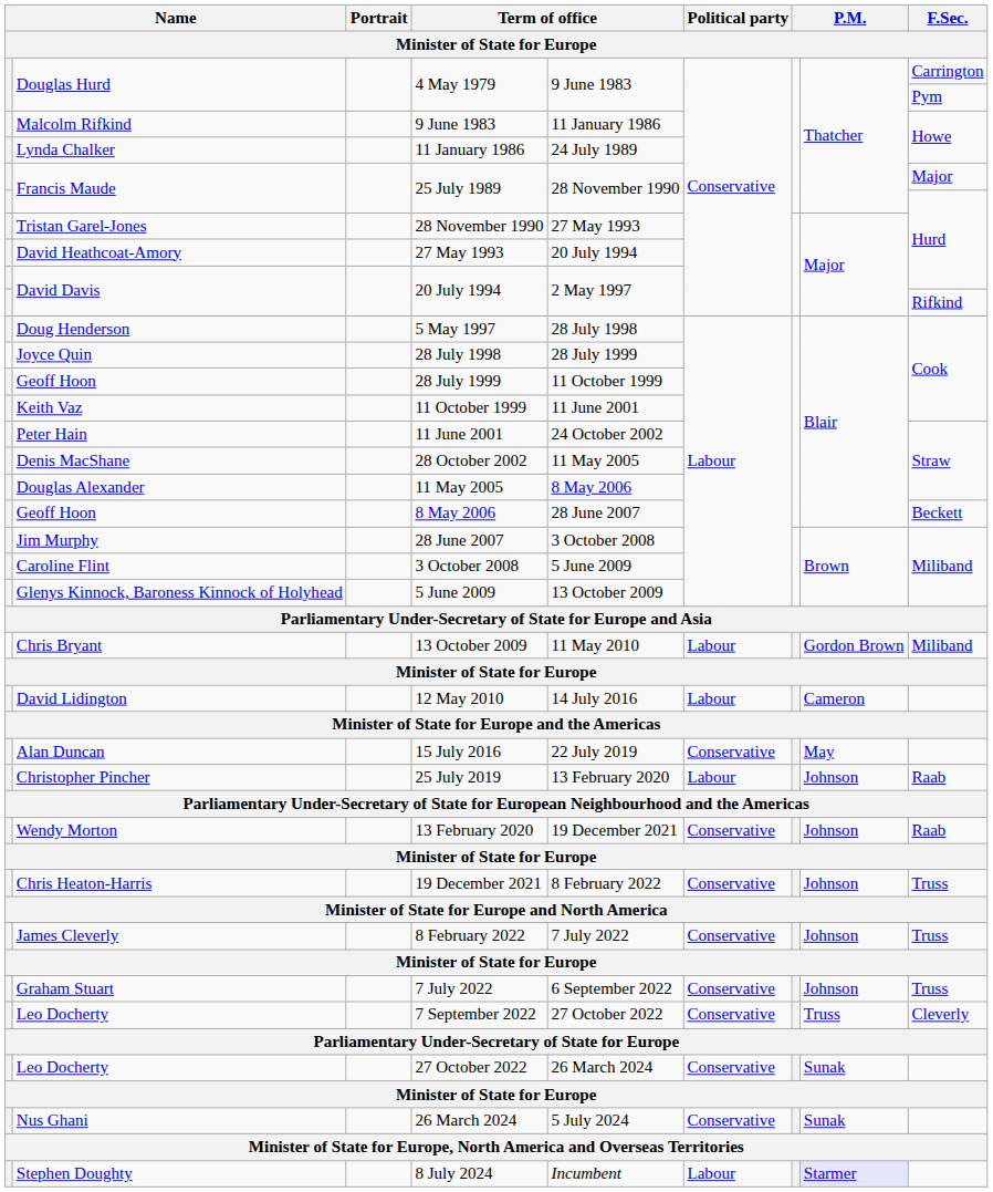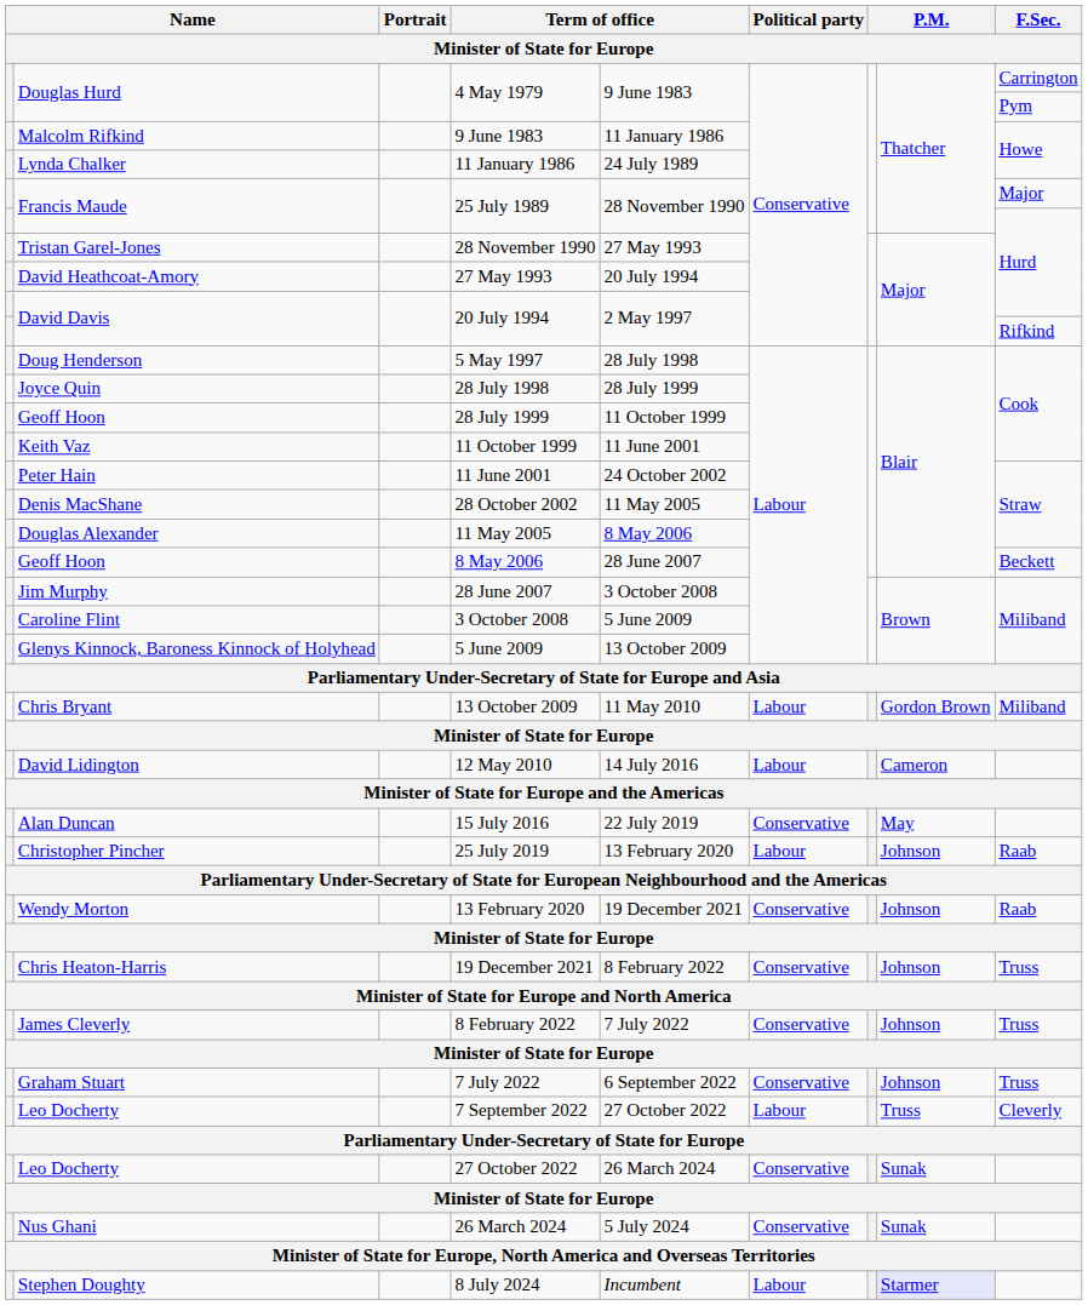 <table class="wikitable">
 <tr>
 <th colspan=2>Name</th>
 <th>Portrait</th>
 <th colspan=2>Term of office</th>
 <th>Political party</th>
 <th colspan=2><a href='#'>P.M.</a></th>
 <th><a href='#'>F.Sec.</a></th>
 </tr>
 <tr>
 <th colspan=9>Minister of State for Europe</th>
 </tr>
 <tr>
 <th rowspan=2 style="background-color: "></th>
 <td rowspan=2><a href='#'>Douglas Hurd</a></td>
 <td rowspan=2></td>
 <td rowspan=2>4 May 1979</td>
 <td rowspan=2>9 June 1983</td>
 <td rowspan="10"><a href='#'>Conservative</a></td>
 <td rowspan=6 style="background-color: "></td>
 <td rowspan=6><a href='#'>Thatcher</a></td>
 <td><a href='#'>Carrington</a></td>
 </tr>
 <tr>
 <td><a href='#'>Pym</a></td>
 </tr>
 <tr>
 <th style="background-color: "></th>
 <td><a href='#'>Malcolm Rifkind</a></td>
 <td></td>
 <td>9 June 1983</td>
 <td>11 January 1986</td>
 <td rowspan=2><a href='#'>Howe</a></td>
 </tr>
 <tr>
 <th style="background-color: "></th>
 <td><a href='#'>Lynda Chalker</a></td>
 <td></td>
 <td>11 January 1986</td>
 <td>24 July 1989</td>
 </tr>
 <tr>
 <th style="background-color: "></th>
 <td rowspan=2><a href='#'>Francis Maude</a></td>
 <td rowspan=2></td>
 <td rowspan=2>25 July 1989</td>
 <td rowspan=2>28 November 1990</td>
 <td><a href='#'>Major</a></td>
 </tr>
 <tr>
 <th height=15 style="background-color: "></th>
 <td rowspan=4><a href='#'>Hurd</a></td>
 </tr>
 <tr>
 <th style="background-color: "></th>
 <td><a href='#'>Tristan Garel-Jones</a></td>
 <td></td>
 <td>28 November 1990</td>
 <td>27 May 1993</td>
 <td rowspan=4 style="background-color: "></td>
 <td rowspan=4><a href='#'>Major</a></td>
 </tr>
 <tr>
 <th style="background-color: "></th>
 <td><a href='#'>David Heathcoat-Amory</a></td>
 <td></td>
 <td>27 May 1993</td>
 <td>20 July 1994</td>
 </tr>
 <tr>
 <th height=15 style="background-color: "></th>
 <td rowspan=2><a href='#'>David Davis</a></td>
 <td rowspan=2></td>
 <td rowspan=2>20 July 1994</td>
 <td rowspan=2>2 May 1997</td>
 </tr>
 <tr>
 <th style="background-color: "></th>
 <td><a href='#'>Rifkind</a></td>
 </tr>
 <tr>
 <th style="background-color: "></th>
 <td><a href='#'>Doug Henderson</a></td>
 <td></td>
 <td>5 May 1997</td>
 <td>28 July 1998</td>
 <td rowspan="11"><a href='#'>Labour</a></td>
 <td rowspan=8 style="background-color: "></td>
 <td rowspan=8><a href='#'>Blair</a></td>
 <td rowspan=4><a href='#'>Cook</a></td>
 </tr>
 <tr>
 <td style="background-color: "></td>
 <td><a href='#'>Joyce Quin</a></td>
 <td></td>
 <td>28 July 1998</td>
 <td>28 July 1999</td>
 </tr>
 <tr>
 <th style="background-color: "></th>
 <td><a href='#'>Geoff Hoon</a></td>
 <td></td>
 <td>28 July 1999</td>
 <td>11 October 1999</td>
 </tr>
 <tr>
 <th style="background-color: "></th>
 <td><a href='#'>Keith Vaz</a></td>
 <td></td>
 <td>11 October 1999</td>
 <td>11 June 2001</td>
 </tr>
 <tr>
 <th style="background-color: "></th>
 <td><a href='#'>Peter Hain</a></td>
 <td></td>
 <td>11 June 2001</td>
 <td>24 October 2002</td>
 <td rowspan=3><a href='#'>Straw</a></td>
 </tr>
 <tr>
 <th style="background-color: "></th>
 <td><a href='#'>Denis MacShane</a></td>
 <td></td>
 <td>28 October 2002</td>
 <td>11 May 2005</td>
 </tr>
 <tr>
 <th style="background-color: "></th>
 <td><a href='#'>Douglas Alexander</a></td>
 <td></td>
 <td>11 May 2005</td>
 <td><a href='#'>8 May 2006</a></td>
 </tr>
 <tr>
 <th style="background-color: "></th>
 <td><a href='#'>Geoff Hoon</a></td>
 <td></td>
 <td><a href='#'>8 May 2006</a></td>
 <td>28 June 2007</td>
 <td><a href='#'>Beckett</a></td>
 </tr>
 <tr>
 <th style="background-color: "></th>
 <td><a href='#'>Jim Murphy</a></td>
 <td></td>
 <td>28 June 2007</td>
 <td>3 October 2008</td>
 <td rowspan=3 style="background-color: "></td>
 <td rowspan=3><a href='#'>Brown</a></td>
 <td rowspan=3><a href='#'>Miliband</a></td>
 </tr>
 <tr>
 <th style="background-color: "></th>
 <td><a href='#'>Caroline Flint</a></td>
 <td></td>
 <td>3 October 2008</td>
 <td>5 June 2009</td>
 </tr>
 <tr>
 <th style="background-color: "></th>
 <td><a href='#'>Glenys Kinnock, Baroness Kinnock of Holyhead</a></td>
 <td></td>
 <td>5 June 2009</td>
 <td>13 October 2009</td>
 </tr>
 <tr>
 <th colspan=9>Parliamentary Under-Secretary of State for Europe and Asia</th>
 </tr>
 <tr>
 <td style="background-color: "></td>
 <td><a href='#'>Chris Bryant</a></td>
 <td></td>
 <td>13 October 2009</td>
 <td>11 May 2010</td>
 <td><a href='#'>Labour</a></td>
 <th style="background-color: "></th>
 <td><a href='#'>Gordon Brown</a></td>
 <td><a href='#'>Miliband</a></td>
 </tr>
 <tr>
 <th colspan=9>Minister of State for Europe</th>
 </tr>
 <tr>
 <th style="background-color: "></th>
 <td><a href='#'>David Lidington</a></td>
 <td></td>
 <td>12 May 2010</td>
 <td>14 July 2016</td>
 <td><a href='#'>Labour</a></td>
 <th style="background-color: "></th>
 <td><a href='#'>Cameron</a></td>
 <td></td>
 </tr>
 <tr>
 <th colspan=9>Minister of State for Europe and the Americas</th>
 </tr>
 <tr>
 <th style="background-color: "></th>
 <td><a href='#'>Alan Duncan</a></td>
 <td></td>
 <td>15 July 2016</td>
 <td>22 July 2019</td>
 <td><a href='#'>Conservative</a></td>
 <th style="background-color: "></th>
 <td><a href='#'>May</a></td>
 <td></td>
 </tr>
 <tr>
 <th style="background-color: "></th>
 <td><a href='#'>Christopher Pincher</a></td>
 <td></td>
 <td>25 July 2019</td>
 <td>13 February 2020</td>
 <td><a href='#'>Labour</a></td>
 <th style="background-color: "></th>
 <td><a href='#'>Johnson</a></td>
 <td><a href='#'>Raab</a></td>
 </tr>
 <tr>
 <th colspan=9>Parliamentary Under-Secretary of State for European Neighbourhood and the Americas</th>
 </tr>
 <tr>
 <th style="background-color: "></th>
 <td><a href='#'>Wendy Morton</a></td>
 <td></td>
 <td>13 February 2020</td>
 <td>19 December 2021</td>
 <td><a href='#'>Conservative</a></td>
 <th style="background-color: "></th>
 <td><a href='#'>Johnson</a></td>
 <td><a href='#'>Raab</a></td>
 </tr>
 <tr>
 <th colspan=9>Minister of State for Europe</th>
 </tr>
 <tr>
 <th style="background-color: "></th>
 <td><a href='#'>Chris Heaton-Harris</a></td>
 <td></td>
 <td>19 December 2021</td>
 <td>8 February 2022</td>
 <td><a href='#'>Conservative</a></td>
 <th style="background-color: "></th>
 <td><a href='#'>Johnson</a></td>
 <td><a href='#'>Truss</a></td>
 </tr>
 <tr>
 <th colspan=9>Minister of State for Europe and North America</th>
 </tr>
 <tr>
 <th style="background-color: "></th>
 <td><a href='#'>James Cleverly</a></td>
 <td></td>
 <td>8 February 2022</td>
 <td>7 July 2022</td>
 <td><a href='#'>Conservative</a></td>
 <th style="background-color: "></th>
 <td><a href='#'>Johnson</a></td>
 <td><a href='#'>Truss</a></td>
 </tr>
 <tr>
 <th colspan=9>Minister of State for Europe</th>
 </tr>
 <tr>
 <th style="background-color: "></th>
 <td><a href='#'>Graham Stuart</a></td>
 <td></td>
 <td>7 July 2022</td>
 <td>6 September 2022</td>
 <td><a href='#'>Conservative</a></td>
 <th style="background-color: "></th>
 <td><a href='#'>Johnson</a></td>
 <td><a href='#'>Truss</a></td>
 </tr>
 <tr>
 <th style="background-color: "></th>
 <td><a href='#'>Leo Docherty</a></td>
 <td></td>
 <td>7 September 2022</td>
 <td>27 October 2022</td>
-<td><a href='#'>Conservative</a></td>
+<td><a href='#'>Labour</a></td>
 <th style="background-color: "></th>
 <td><a href='#'>Truss</a></td>
 <td><a href='#'>Cleverly</a></td>
 </tr>
 <tr>
 <th colspan="9">Parliamentary Under-Secretary of State for Europe</th>
 </tr>
 <tr>
 <th style="background-color: "></th>
 <td><a href='#'>Leo Docherty</a></td>
 <td></td>
 <td>27 October 2022</td>
 <td>26 March 2024</td>
 <td><a href='#'>Conservative</a></td>
 <th style="background-color: "></th>
 <td><a href='#'>Sunak</a></td>
 <td></td>
 </tr>
 <tr>
 <th colspan="9">Minister of State for Europe</th>
 </tr>
 <tr>
 <th style="background-color: "></th>
 <td><a href='#'>Nus Ghani</a></td>
 <td></td>
 <td>26 March 2024</td>
 <td>5 July 2024</td>
 <td><a href='#'>Conservative</a></td>
 <th style="background-color: "></th>
 <td><a href='#'>Sunak</a></td>
 <td></td>
 </tr>
 <tr>
 <th colspan="9">Minister of State for Europe, North America and Overseas Territories</th>
 </tr>
 <tr>
 <th style="background-color: "></th>
 <td><a href='#'>Stephen Doughty</a></td>
 <td></td>
 <td>8 July 2024</td>
 <td><em>Incumbent</em></td>
 <td><a href='#'>Labour</a></td>
 <th style="background-color: "></th>
 <td style="background: lavender;"><a href='#'>Starmer</a></td>
 <td></td>
 </tr>
 </table>
